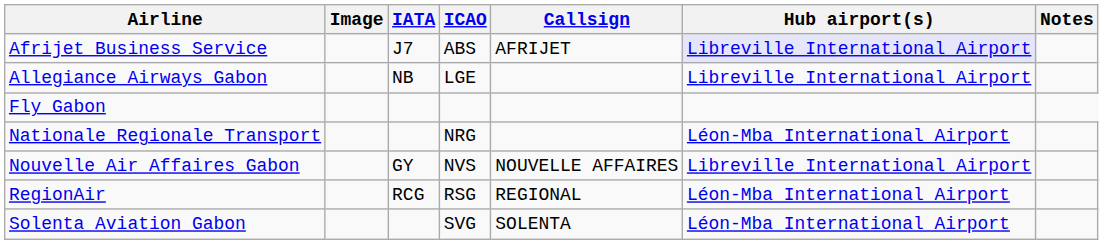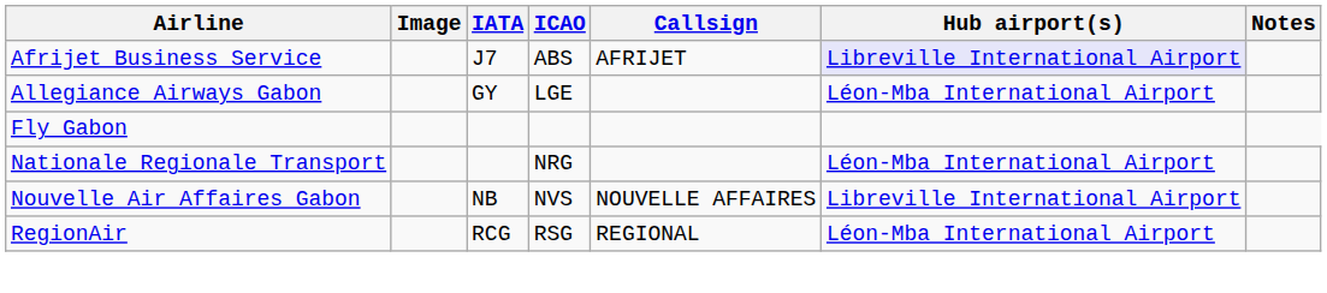 <table class="wikitable sortable" style="border: 0; cellpadding: 2; cellspacing: 3;">
 <tr valign="middle">
 <th>Airline</th>
 <th>Image</th>
 <th><a href='#'>IATA</a></th>
 <th><a href='#'>ICAO</a></th>
 <th><a href='#'>Callsign</a></th>
 <th>Hub airport(s)</th>
 <th class="unsortable">Notes</th>
 </tr>
 <tr>
 <td><a href='#'>Afrijet Business Service</a></td>
 <td></td>
 <td>J7</td>
 <td>ABS</td>
 <td>AFRIJET</td>
 <td style="background: lavender;"><a href='#'>Libreville International Airport</a></td>
 <td></td>
 </tr>
 <tr>
 <td><a href='#'>Allegiance Airways Gabon</a></td>
 <td></td>
-<td>NB</td>
+<td>GY</td>
 <td>LGE</td>
 <td></td>
-<td><a href='#'>Libreville International Airport</a></td>
+<td><a href='#'>Léon-Mba International Airport</a></td>
 <td></td>
 </tr>
 <tr>
 <td><a href='#'>Fly Gabon</a></td>
 <td></td>
 <td></td>
 <td></td>
 <td></td>
 <td></td>
 </tr>
 <tr>
 <td><a href='#'>Nationale Regionale Transport</a></td>
 <td></td>
 <td></td>
 <td>NRG</td>
 <td></td>
 <td><a href='#'>Léon-Mba International Airport</a></td>
 <td></td>
 </tr>
 <tr>
 <td><a href='#'>Nouvelle Air Affaires Gabon</a></td>
 <td></td>
-<td>GY</td>
+<td>NB</td>
 <td>NVS</td>
 <td>NOUVELLE AFFAIRES</td>
 <td><a href='#'>Libreville International Airport</a></td>
 <td></td>
 </tr>
 <tr>
 <td><a href='#'>RegionAir</a></td>
 <td></td>
 <td>RCG</td>
 <td>RSG</td>
 <td>REGIONAL</td>
 <td><a href='#'>Léon-Mba International Airport</a></td>
 <td></td>
 </tr>
-<tr>
-<td><a href='#'>Solenta Aviation Gabon</a></td>
-<td></td>
-<td></td>
-<td>SVG</td>
-<td>SOLENTA</td>
-<td><a href='#'>Léon-Mba International Airport</a></td>
-<td></td>
-</tr>
 </table>
